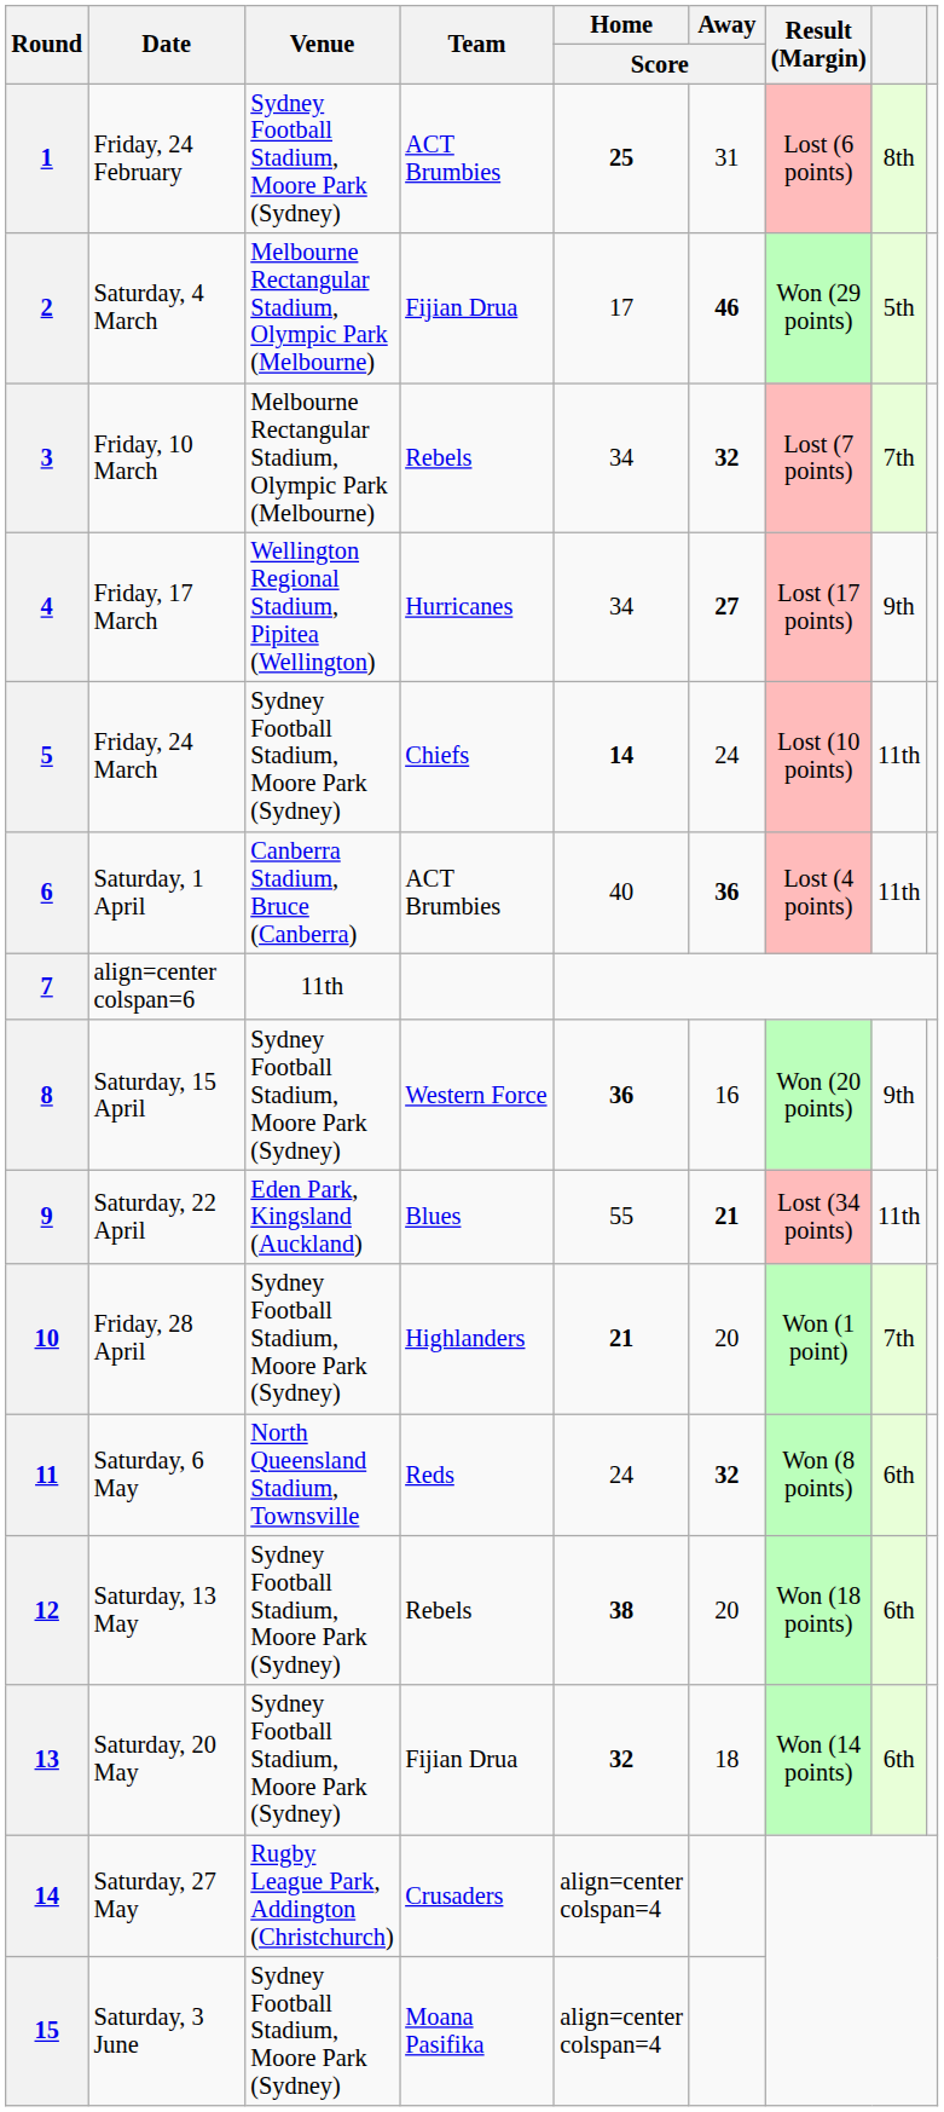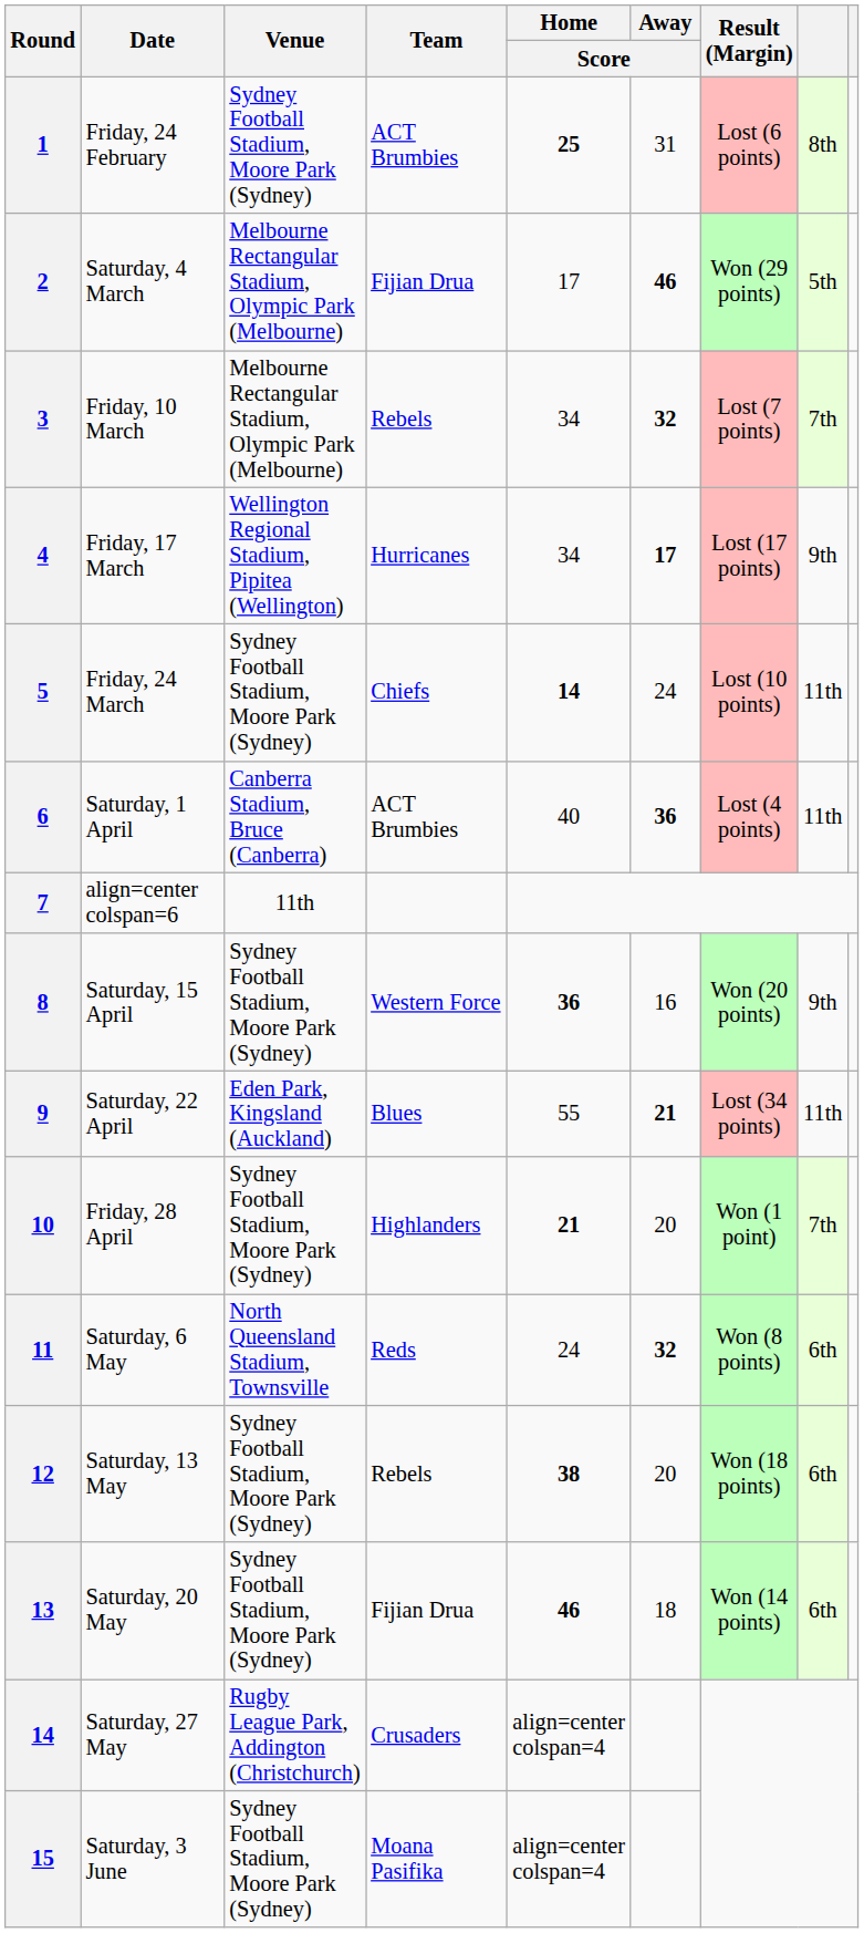 <table class="wikitable">
 <tr>
 <th rowspan=2>Round</th>
 <th rowspan=2 width=135>Date</th>
 <th rowspan=2>Venue</th>
 <th rowspan=2 width=135>Team</th>
 <th width=55>Home</th>
 <th width=55>Away</th>
 <th rowspan=2>Result (Margin)</th>
 <th rowspan=2></th>
 <th rowspan=2></th>
 </tr>
 <tr>
 <th colspan=2>Score</th>
 </tr>
 <tr>
 <th align=center><a href='#'>1</a></th>
 <td>Friday, 24 February</td>
 <td><a href='#'>Sydney Football Stadium</a>, <a href='#'>Moore Park</a> (Sydney)</td>
 <td><a href='#'>ACT Brumbies</a></td>
 <td align=center><strong>25</strong></td>
 <td align=center>31</td>
 <td align=center bgcolor="#ffbbbb">Lost (6 points)</td>
 <td align=center bgcolor=#E8FFD8>8th</td>
 <td align=center></td>
 </tr>
 <tr>
 <th align=center><a href='#'>2</a></th>
 <td>Saturday, 4 March</td>
 <td><a href='#'>Melbourne Rectangular Stadium</a>, <a href='#'>Olympic Park</a> (<a href='#'>Melbourne</a>)</td>
 <td> <a href='#'>Fijian Drua</a></td>
 <td align=center>17</td>
 <td align=center><strong>46</strong></td>
 <td align=center bgcolor="#bbffbb">Won (29 points)</td>
 <td align=center bgcolor=#E8FFD8>5th</td>
 <td align=center></td>
 </tr>
 <tr>
 <th align=center><a href='#'>3</a></th>
 <td>Friday, 10 March</td>
 <td>Melbourne Rectangular Stadium, Olympic Park (Melbourne)</td>
 <td><a href='#'>Rebels</a></td>
 <td align=center>34</td>
 <td align=center><strong>32</strong></td>
 <td align=center bgcolor="#ffbbbb">Lost (7 points)</td>
 <td align=center bgcolor=#E8FFD8>7th</td>
 <td align=center></td>
 </tr>
 <tr>
 <th align=center><a href='#'>4</a></th>
 <td>Friday, 17 March</td>
 <td><a href='#'>Wellington Regional Stadium</a>, <a href='#'>Pipitea</a> (<a href='#'>Wellington</a>)</td>
 <td> <a href='#'>Hurricanes</a></td>
 <td align=center>34</td>
-<td align=center><strong>27</strong></td>
+<td align=center><strong>17</strong></td>
 <td align=center bgcolor="#ffbbbb">Lost (17 points)</td>
 <td align=center>9th</td>
 <td align=center></td>
 </tr>
 <tr>
 <th align=center><a href='#'>5</a></th>
 <td>Friday, 24 March</td>
 <td>Sydney Football Stadium, Moore Park (Sydney)</td>
 <td> <a href='#'>Chiefs</a></td>
 <td align=center><strong>14</strong></td>
 <td align=center>24</td>
 <td align=center bgcolor="#ffbbbb">Lost (10 points)</td>
 <td align=center>11th</td>
 <td align=center></td>
 </tr>
 <tr>
 <th align=center><a href='#'>6</a></th>
 <td>Saturday, 1 April</td>
 <td><a href='#'>Canberra Stadium</a>, <a href='#'>Bruce</a> (<a href='#'>Canberra</a>)</td>
 <td>ACT Brumbies</td>
 <td align=center>40</td>
 <td align=center><strong>36</strong></td>
 <td align=center bgcolor="#ffbbbb">Lost (4 points)</td>
 <td align=center>11th</td>
 <td align=center></td>
 </tr>
 <tr>
 <th align=center><a href='#'>7</a></th>
 <td>align=center colspan=6 </td>
 <td align=center>11th</td>
 <td align=center></td>
 </tr>
 <tr>
 <th align=center><a href='#'>8</a></th>
 <td>Saturday, 15 April</td>
 <td>Sydney Football Stadium, Moore Park (Sydney)</td>
 <td><a href='#'>Western Force</a></td>
 <td align=center><strong>36</strong></td>
 <td align=center>16</td>
 <td align=center bgcolor="#bbffbb">Won (20 points)</td>
 <td align=center>9th</td>
 <td align=center></td>
 </tr>
 <tr>
 <th align=center><a href='#'>9</a></th>
 <td>Saturday, 22 April</td>
 <td><a href='#'>Eden Park</a>, <a href='#'>Kingsland</a> (<a href='#'>Auckland</a>)</td>
 <td> <a href='#'>Blues</a></td>
 <td align=center>55</td>
 <td align=center><strong>21</strong></td>
 <td align=center bgcolor="#ffbbbb">Lost (34 points)</td>
 <td align=center>11th</td>
 <td align=center></td>
 </tr>
 <tr>
 <th align=center><a href='#'>10</a></th>
 <td>Friday, 28 April</td>
 <td>Sydney Football Stadium, Moore Park (Sydney)</td>
 <td> <a href='#'>Highlanders</a></td>
 <td align=center><strong>21</strong></td>
 <td align=center>20</td>
 <td align=center bgcolor="#bbffbb">Won (1 point)</td>
 <td align=center bgcolor=#E8FFD8>7th</td>
 <td align=center></td>
 </tr>
 <tr>
 <th align=center><a href='#'>11</a></th>
 <td>Saturday, 6 May</td>
 <td><a href='#'>North Queensland Stadium</a>, <a href='#'>Townsville</a></td>
 <td><a href='#'>Reds</a></td>
 <td align=center>24</td>
 <td align=center><strong>32</strong></td>
 <td align=center bgcolor="#bbffbb">Won (8 points)</td>
 <td align=center bgcolor=#E8FFD8>6th</td>
 <td align=center></td>
 </tr>
 <tr>
 <th align=center><a href='#'>12</a></th>
 <td>Saturday, 13 May</td>
 <td>Sydney Football Stadium, Moore Park (Sydney)</td>
 <td>Rebels</td>
 <td align=center><strong>38</strong></td>
 <td align=center>20</td>
 <td align=center bgcolor="#bbffbb">Won (18 points)</td>
 <td align=center bgcolor=#E8FFD8>6th</td>
 <td align=center></td>
 </tr>
 <tr>
 <th align=center><a href='#'>13</a></th>
 <td>Saturday, 20 May</td>
 <td>Sydney Football Stadium, Moore Park (Sydney)</td>
 <td> Fijian Drua</td>
-<td align=center><strong>32</strong></td>
+<td align=center><strong>46</strong></td>
 <td align=center>18</td>
 <td align=center bgcolor="#bbffbb">Won (14 points)</td>
 <td align=center bgcolor=#E8FFD8>6th</td>
 <td align=center></td>
 </tr>
 <tr>
 <th align=center><a href='#'>14</a></th>
 <td>Saturday, 27 May</td>
 <td><a href='#'>Rugby League Park</a>, <a href='#'>Addington</a> (<a href='#'>Christchurch</a>)</td>
 <td> <a href='#'>Crusaders</a></td>
 <td>align=center colspan=4 </td>
 <td align=center></td>
 </tr>
 <tr>
 <th align=center><a href='#'>15</a></th>
 <td>Saturday, 3 June</td>
 <td>Sydney Football Stadium, Moore Park (Sydney)</td>
 <td> <a href='#'>Moana Pasifika</a></td>
 <td>align=center colspan=4 </td>
 <td align=center></td>
 </tr>
 </table>
